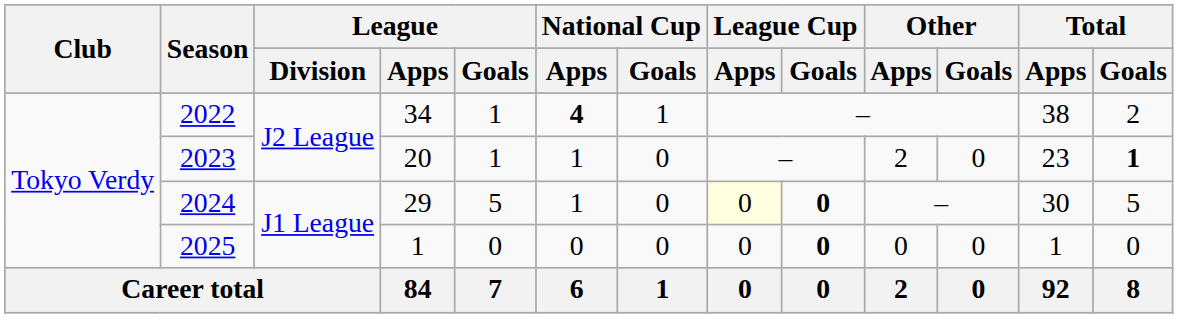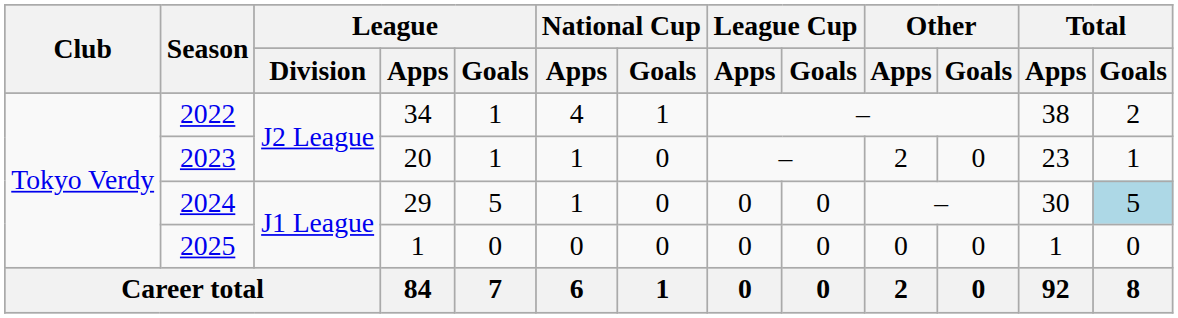 <table class="wikitable" style="text-align: center">
 <tr>
 <th rowspan="2">Club</th>
 <th rowspan="2">Season</th>
 <th colspan="3">League</th>
 <th colspan="2">National Cup</th>
 <th colspan="2">League Cup</th>
 <th colspan="2">Other</th>
 <th colspan="2">Total</th>
 </tr>
 <tr>
 <th>Division</th>
 <th>Apps</th>
 <th>Goals</th>
 <th>Apps</th>
 <th>Goals</th>
 <th>Apps</th>
 <th>Goals</th>
 <th>Apps</th>
 <th>Goals</th>
 <th>Apps</th>
 <th>Goals</th>
 </tr>
 <tr>
 <td rowspan="4"><a href='#'>Tokyo Verdy</a></td>
 <td><a href='#'>2022</a></td>
 <td rowspan="2"><a href='#'>J2 League</a></td>
 <td>34</td>
 <td>1</td>
-<td><strong>4</strong></td>
+<td>4</td>
 <td>1</td>
 <td colspan="4">–</td>
 <td>38</td>
 <td>2</td>
 </tr>
 <tr>
 <td><a href='#'>2023</a></td>
 <td>20</td>
 <td>1</td>
 <td>1</td>
 <td>0</td>
 <td colspan="2">–</td>
 <td>2</td>
 <td>0</td>
 <td>23</td>
-<td><strong>1</strong></td>
+<td>1</td>
 </tr>
 <tr>
 <td><a href='#'>2024</a></td>
 <td rowspan="2"><a href='#'>J1 League</a></td>
 <td>29</td>
 <td>5</td>
 <td>1</td>
 <td>0</td>
-<td style="background: lightyellow;">0</td>
-<td><strong>0</strong></td>
+<td>0</td>
+<td>0</td>
 <td colspan="2">–</td>
 <td>30</td>
-<td>5</td>
+<td style="background: lightblue;">5</td>
 </tr>
 <tr>
 <td><a href='#'>2025</a></td>
 <td>1</td>
 <td>0</td>
 <td>0</td>
 <td>0</td>
 <td>0</td>
-<td><strong>0</strong></td>
+<td>0</td>
 <td>0</td>
 <td>0</td>
 <td>1</td>
 <td>0</td>
 </tr>
 <tr>
 <th colspan=3>Career total</th>
 <th>84</th>
 <th>7</th>
 <th>6</th>
 <th>1</th>
 <th>0</th>
 <th>0</th>
 <th>2</th>
 <th>0</th>
 <th>92</th>
 <th>8</th>
 </tr>
 </table>
